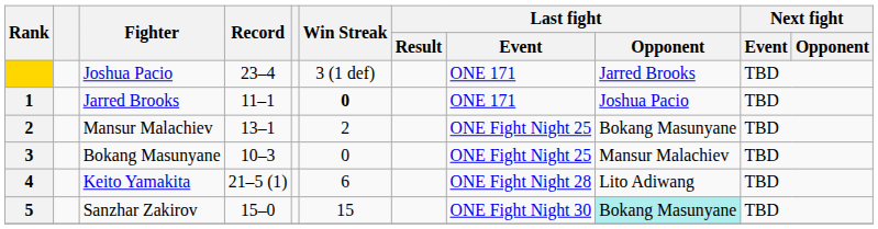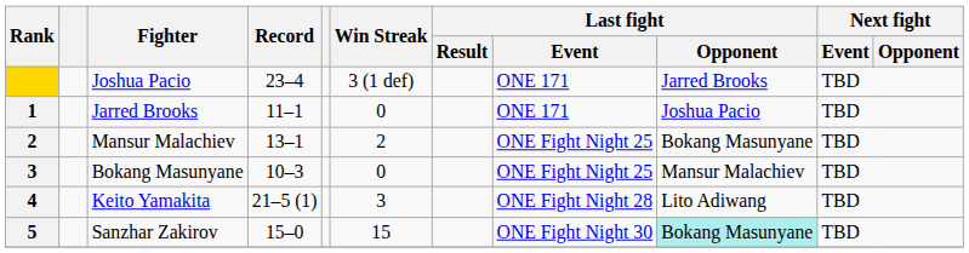 <table class="wikitable" style="display: inline-table;">
 <tr>
 <th rowspan=2>Rank</th>
 <th width=3% rowspan=2></th>
 <th rowspan=2>Fighter</th>
 <th rowspan=2>Record</th>
 <th rowspan=2></th>
 <th rowspan=2>Win Streak</th>
 <th colspan=3>Last fight</th>
 <th colspan=2>Next fight</th>
 </tr>
 <tr>
 <th>Result</th>
 <th>Event</th>
 <th>Opponent</th>
 <th>Event</th>
 <th>Opponent</th>
 </tr>
 <tr>
 <th style="background:gold"></th>
 <td></td>
 <td><a href='#'>Joshua Pacio</a></td>
 <td align="center">23–4</td>
 <td align="center"></td>
 <td align="center">3 (1 def)</td>
 <td></td>
 <td><a href='#'>ONE 171</a></td>
 <td><a href='#'>Jarred Brooks</a></td>
 <td colspan="2">TBD</td>
 </tr>
 <tr>
 <th>1</th>
 <td></td>
 <td><a href='#'>Jarred Brooks</a></td>
 <td align="center">11–1</td>
 <td align="center"></td>
-<td align=center><strong>0</strong></td>
+<td align=center>0</td>
 <td></td>
 <td><a href='#'>ONE 171</a></td>
 <td><a href='#'>Joshua Pacio</a></td>
 <td colspan="2">TBD</td>
 </tr>
 <tr>
 <th>2</th>
 <td></td>
 <td>Mansur Malachiev</td>
 <td align="center">13–1</td>
 <td align="center"></td>
 <td align=center>2</td>
 <td></td>
 <td><a href='#'>ONE Fight Night 25</a></td>
 <td>Bokang Masunyane</td>
 <td colspan=2>TBD</td>
 </tr>
 <tr>
 <th>3</th>
 <td></td>
 <td>Bokang Masunyane</td>
 <td align="center">10–3</td>
 <td align="center"></td>
 <td align=center>0</td>
 <td></td>
 <td><a href='#'>ONE Fight Night 25</a></td>
 <td>Mansur Malachiev</td>
 <td colspan=2>TBD</td>
 </tr>
 <tr>
 <th>4</th>
 <td></td>
 <td><a href='#'>Keito Yamakita</a></td>
 <td align="center">21–5 (1)</td>
 <td align="center"></td>
-<td align=center>6</td>
+<td align=center>3</td>
 <td></td>
 <td><a href='#'>ONE Fight Night 28</a></td>
 <td>Lito Adiwang</td>
 <td colspan="2">TBD</td>
 </tr>
 <tr>
 <th>5</th>
 <td></td>
 <td>Sanzhar Zakirov</td>
 <td align="center">15–0</td>
 <td align="center"></td>
 <td align=center>15</td>
 <td></td>
 <td><a href='#'>ONE Fight Night 30</a></td>
 <td style="background: paleturquoise;">Bokang Masunyane</td>
 <td colspan="2">TBD</td>
 </tr>
 <tr>
 </tr>
 </table>
